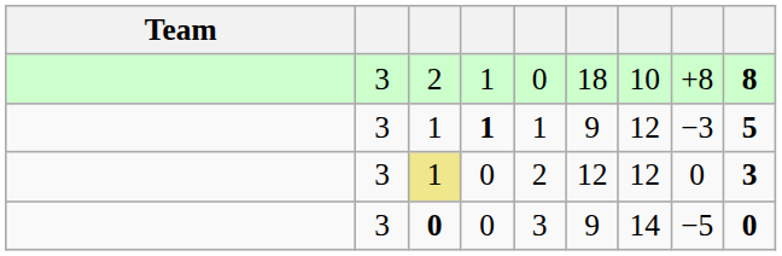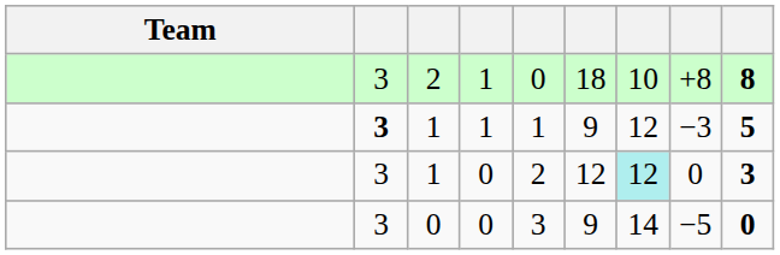 <table class="wikitable" style="text-align: center;">
 <tr>
 <th width="175">Team</th>
 <th width="20"></th>
 <th width="20"></th>
 <th width="20"></th>
 <th width="20"></th>
 <th width="20"></th>
 <th width="20"></th>
 <th width="20"></th>
 <th width="20"></th>
 </tr>
 <tr bgcolor="#ccffcc">
 <td align=left></td>
 <td>3</td>
 <td>2</td>
 <td>1</td>
 <td>0</td>
 <td>18</td>
 <td>10</td>
 <td>+8</td>
 <td><strong>8</strong></td>
 </tr>
 <tr>
 <td align=left></td>
-<td>3</td>
+<td><strong>3</strong></td>
 <td>1</td>
-<td><strong>1</strong></td>
+<td>1</td>
 <td>1</td>
 <td>9</td>
 <td>12</td>
 <td>−3</td>
 <td><strong>5</strong></td>
 </tr>
 <tr>
 <td align=left></td>
 <td>3</td>
-<td style="background: khaki;">1</td>
+<td>1</td>
 <td>0</td>
 <td>2</td>
 <td>12</td>
-<td>12</td>
+<td style="background: paleturquoise;">12</td>
 <td>0</td>
 <td><strong>3</strong></td>
 </tr>
 <tr>
 <td align=left></td>
 <td>3</td>
-<td><strong>0</strong></td>
+<td>0</td>
 <td>0</td>
 <td>3</td>
 <td>9</td>
 <td>14</td>
 <td>−5</td>
 <td><strong>0</strong></td>
 </tr>
 </table>
